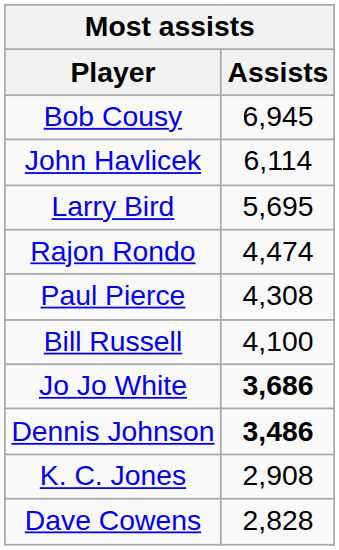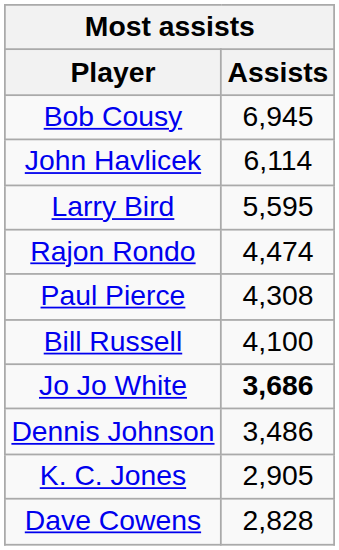 <table class="wikitable sortable" style="text-align:center">
 <tr>
 <th colspan="2" style="text-align:center; ">Most assists</th>
 </tr>
 <tr>
 <th style="text-align:center; ">Player</th>
 <th style="text-align:center; ">Assists</th>
 </tr>
 <tr>
 <td><a href='#'>Bob Cousy</a></td>
 <td>6,945</td>
 </tr>
 <tr>
 <td><a href='#'>John Havlicek</a></td>
 <td>6,114</td>
 </tr>
 <tr>
 <td><a href='#'>Larry Bird</a></td>
-<td>5,695</td>
+<td>5,595</td>
 </tr>
 <tr>
 <td><a href='#'>Rajon Rondo</a></td>
 <td>4,474</td>
 </tr>
 <tr>
 <td><a href='#'>Paul Pierce</a></td>
 <td>4,308</td>
 </tr>
 <tr>
 <td><a href='#'>Bill Russell</a></td>
 <td>4,100</td>
 </tr>
 <tr>
 <td><a href='#'>Jo Jo White</a></td>
 <td><strong>3,686</strong></td>
 </tr>
 <tr>
 <td><a href='#'>Dennis Johnson</a></td>
-<td><strong>3,486</strong></td>
+<td>3,486</td>
 </tr>
 <tr>
 <td><a href='#'>K. C. Jones</a></td>
-<td>2,908</td>
+<td>2,905</td>
 </tr>
 <tr>
 <td><a href='#'>Dave Cowens</a></td>
 <td>2,828</td>
 </tr>
 </table>
